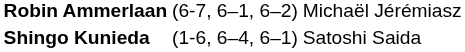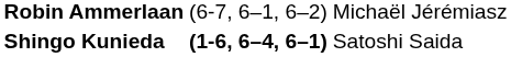 <table>
 <tr>
 <td><strong>Robin Ammerlaan</strong></td>
 <td style="text-align:center;">(6-7, 6–1, 6–2)</td>
 <td>Michaël Jérémiasz</td>
 </tr>
 <tr>
 <td><strong>Shingo Kunieda</strong></td>
-<td style="text-align:center;">(1-6, 6–4, 6–1)</td>
+<td style="text-align:center;"><strong>(1-6, 6–4, 6–1)</strong></td>
 <td>Satoshi Saida</td>
 </tr>
 </table>
